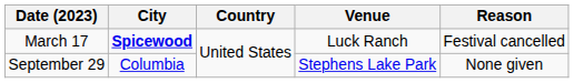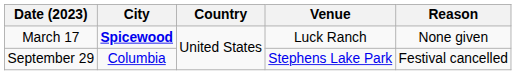 <table class="wikitable" style="text-align:center;">
 <tr>
 <th>Date (2023)</th>
 <th>City</th>
 <th>Country</th>
 <th>Venue</th>
 <th>Reason</th>
 </tr>
 <tr>
 <td>March 17</td>
 <td><strong><a href='#'>Spicewood</a></strong></td>
 <td rowspan="2">United States</td>
 <td>Luck Ranch</td>
-<td>Festival cancelled</td>
+<td>None given</td>
 </tr>
 <tr>
 <td>September 29</td>
 <td><a href='#'>Columbia</a></td>
 <td><a href='#'>Stephens Lake Park</a></td>
-<td>None given</td>
+<td>Festival cancelled</td>
 </tr>
 </table>
